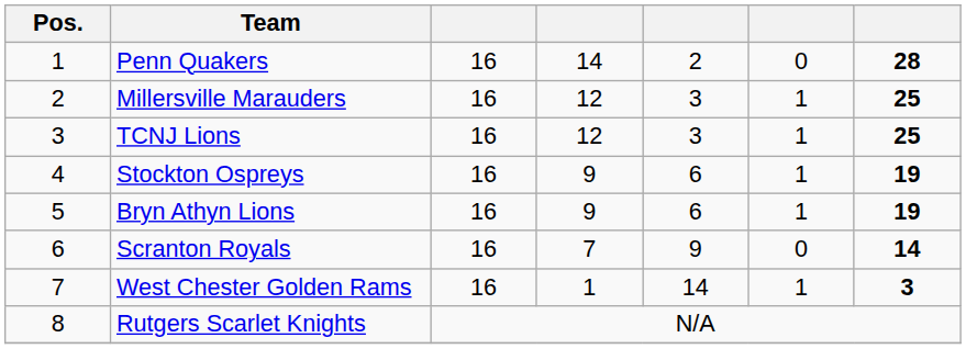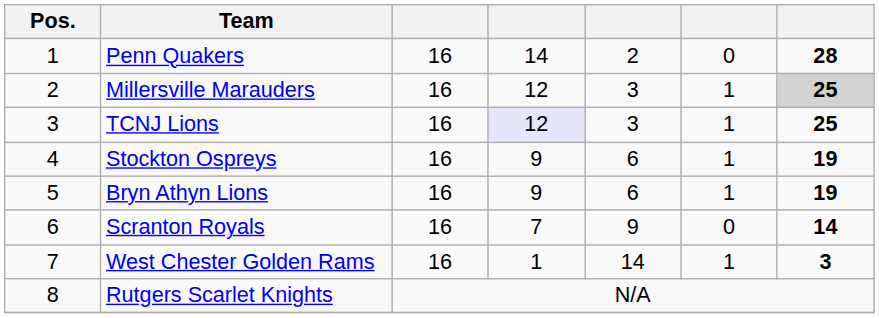 <table class="wikitable sortable">
 <tr>
 <th style="width: 4em;">Pos.</th>
 <th style="width: 13em;">Team</th>
 <th style="width: 4em;"></th>
 <th style="width: 4em;"></th>
 <th style="width: 4em;"></th>
 <th style="width: 4em;"></th>
 <th style="width: 4em;"></th>
 </tr>
 <tr style="text-align:center;">
 <td style="text-align:center;">1</td>
 <td style="text-align:left;"><a href='#'>Penn Quakers</a></td>
 <td>16</td>
 <td>14</td>
 <td>2</td>
 <td>0</td>
 <td><strong>28</strong></td>
 </tr>
 <tr style="text-align:center;">
 <td style="text-align:center;">2</td>
 <td style="text-align:left;"><a href='#'>Millersville Marauders</a></td>
 <td>16</td>
 <td>12</td>
 <td>3</td>
 <td>1</td>
-<td><strong>25</strong></td>
+<td style="background: lightgrey;"><strong>25</strong></td>
 </tr>
 <tr style="text-align:center;">
 <td style="text-align:center;">3</td>
 <td style="text-align:left;"><a href='#'>TCNJ Lions</a></td>
 <td>16</td>
-<td>12</td>
+<td style="background: lavender;">12</td>
 <td>3</td>
 <td>1</td>
 <td><strong>25</strong></td>
 </tr>
 <tr style="text-align:center;">
 <td style="text-align:center;">4</td>
 <td style="text-align:left;"><a href='#'>Stockton Ospreys</a></td>
 <td>16</td>
 <td>9</td>
 <td>6</td>
 <td>1</td>
 <td><strong>19</strong></td>
 </tr>
 <tr style="text-align:center;">
 <td style="text-align:center;">5</td>
 <td style="text-align:left;"><a href='#'>Bryn Athyn Lions</a></td>
 <td>16</td>
 <td>9</td>
 <td>6</td>
 <td>1</td>
 <td><strong>19</strong></td>
 </tr>
 <tr style="text-align:center;">
 <td style="text-align:center;">6</td>
 <td style="text-align:left;"><a href='#'>Scranton Royals</a></td>
 <td>16</td>
 <td>7</td>
 <td>9</td>
 <td>0</td>
 <td><strong>14</strong></td>
 </tr>
 <tr style="text-align:center;">
 <td style="text-align:center;">7</td>
 <td style="text-align:left;"><a href='#'>West Chester Golden Rams</a></td>
 <td>16</td>
 <td>1</td>
 <td>14</td>
 <td>1</td>
 <td><strong>3</strong></td>
 </tr>
 <tr style="text-align:center;">
 <td style="text-align:center;">8</td>
 <td style="text-align:left;"><a href='#'>Rutgers Scarlet Knights</a></td>
 <td colspan="5" align=center>N/A</td>
 </tr>
 <tr style="text-align:center;">
 </tr>
 </table>
